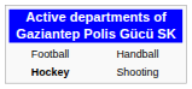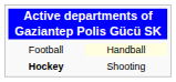 <table class="infobox" style="font-size: 88%; width: 17em; text-align: center">
 <tr>
 <th colspan=2 style="font-size: 125%; background-color: #0000FF; color: #FFFFFF">Active departments of<br>Gaziantep Polis Gücü SK</th>
 </tr>
 <tr>
 <td></td>
 <td></td>
 </tr>
 <tr>
 <td>Football</td>
-<td>Handball</td>
+<td style="background: lightyellow;">Handball</td>
 </tr>
 <tr>
 <td></td>
 <td></td>
 </tr>
 <tr>
 <td><strong>Hockey</strong></td>
 <td>Shooting</td>
 </tr>
 </table>
